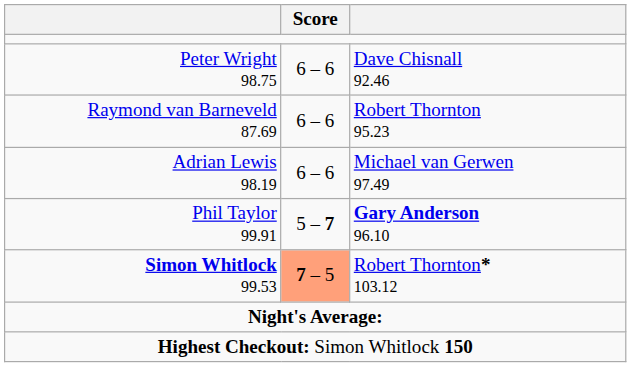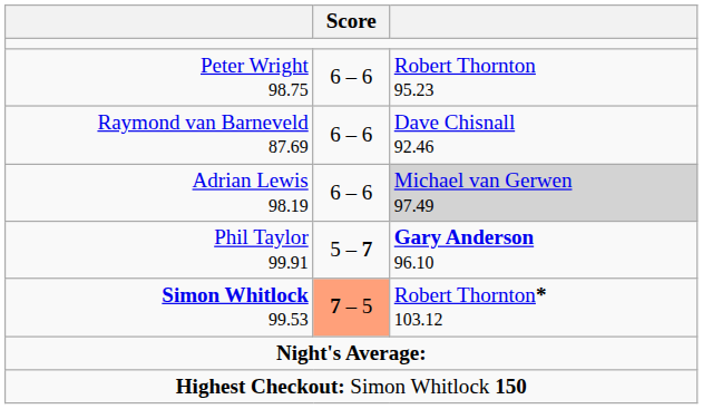 <table class=wikitable style="text-align:center">
 <tr>
 <th width=225></th>
 <th width=50>Score</th>
 <th width=225></th>
 </tr>
 <tr align=centre>
 <td colspan="3"></td>
 </tr>
 <tr align=left>
 <td align=right><a href='#'>Peter Wright</a>  <br><small><span>98.75</span></small></td>
 <td align=center>6 – 6</td>
-<td> <a href='#'>Dave Chisnall</a> <br><small><span>92.46</span></small></td>
+<td> <a href='#'>Robert Thornton</a> <br><small><span>95.23</span></small></td>
 </tr>
 <tr align=left>
 <td align=right><a href='#'>Raymond van Barneveld</a>  <br><small><span>87.69</span></small></td>
 <td align=center>6 – 6</td>
-<td> <a href='#'>Robert Thornton</a> <br><small><span>95.23</span></small></td>
+<td> <a href='#'>Dave Chisnall</a> <br><small><span>92.46</span></small></td>
 </tr>
 <tr align=left>
 <td align=right><a href='#'>Adrian Lewis</a>  <br><small><span>98.19</span></small></td>
 <td align=center>6 – 6</td>
-<td> <a href='#'>Michael van Gerwen</a> <br><small><span>97.49</span></small></td>
+<td style="background: lightgrey;"> <a href='#'>Michael van Gerwen</a> <br><small><span>97.49</span></small></td>
 </tr>
 <tr align=left>
 <td align=right><a href='#'>Phil Taylor</a>  <br><small><span>99.91</span></small></td>
 <td align=center>5 – <strong>7</strong></td>
 <td> <strong><a href='#'>Gary Anderson</a></strong> <br><small><span>96.10</span></small></td>
 </tr>
 <tr align=left>
 <td align=right><strong><a href='#'>Simon Whitlock</a></strong>  <br><small><span>99.53</span></small></td>
 <td align=center style="background: lightsalmon;"><strong>7</strong> – 5</td>
 <td> <a href='#'>Robert Thornton</a><strong>*</strong> <br><small><span>103.12</span></small></td>
 </tr>
 <tr align=center>
 <td colspan="3"><strong>Night's Average:</strong> </td>
 </tr>
 <tr align=center>
 <td colspan="3"><strong>Highest Checkout:</strong> Simon Whitlock <strong>150</strong></td>
 </tr>
 </table>
